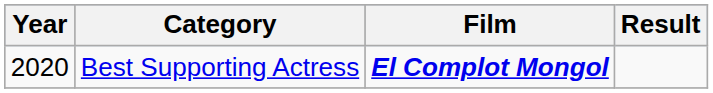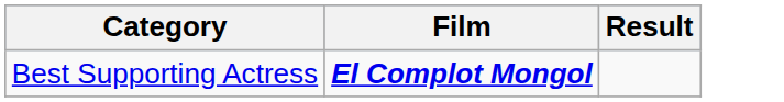 <table class="wikitable">
 <tr style="background:#b0c4de;">
-<th>Year</th>
 <th>Category</th>
 <th>Film</th>
 <th>Result</th>
 </tr>
 <tr>
-<td>2020</td>
 <td><a href='#'>Best Supporting Actress</a></td>
 <td><strong><em><a href='#'>El Complot Mongol</a></em></strong></td>
 <td></td>
 </tr>
 </table>
